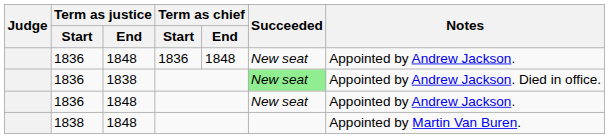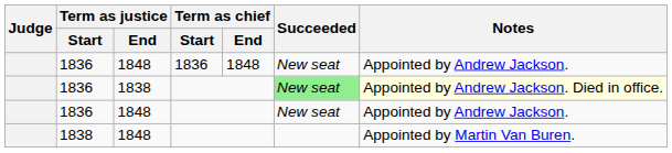 <table class="wikitable sortable plainrowheaders">
 <tr>
 <th scope="col" rowspan="2">Judge</th>
 <th scope="colgroup" colspan="2">Term as justice</th>
 <th scope="colgroup" colspan="2">Term as chief</th>
 <th scope="col" rowspan="2">Succeeded</th>
 <th scope="col" rowspan="2">Notes</th>
 </tr>
 <tr>
 <th scope="col">Start</th>
 <th scope="col">End</th>
 <th scope="col">Start</th>
 <th scope="col">End</th>
 </tr>
 <tr>
 <th scope="row"></th>
 <td>1836</td>
 <td>1848</td>
 <td>1836</td>
 <td>1848</td>
 <td><em>New seat</em></td>
 <td>Appointed by <a href='#'>Andrew Jackson</a>.</td>
 </tr>
 <tr>
 <th scope="row"></th>
 <td>1836</td>
 <td>1838</td>
 <td colspan="2"></td>
 <td style="background: lightgreen;"><em>New seat</em></td>
-<td>Appointed by <a href='#'>Andrew Jackson</a>.  Died in office.</td>
+<td style="background: lightyellow;">Appointed by <a href='#'>Andrew Jackson</a>.  Died in office.</td>
 </tr>
 <tr>
 <th scope="row"></th>
 <td>1836</td>
 <td>1848</td>
 <td colspan="2"></td>
 <td><em>New seat</em></td>
 <td>Appointed by <a href='#'>Andrew Jackson</a>.</td>
 </tr>
 <tr>
 <th scope="row"></th>
 <td>1838</td>
 <td>1848</td>
 <td colspan="2"></td>
 <td></td>
 <td>Appointed by <a href='#'>Martin Van Buren</a>.</td>
 </tr>
 </table>
